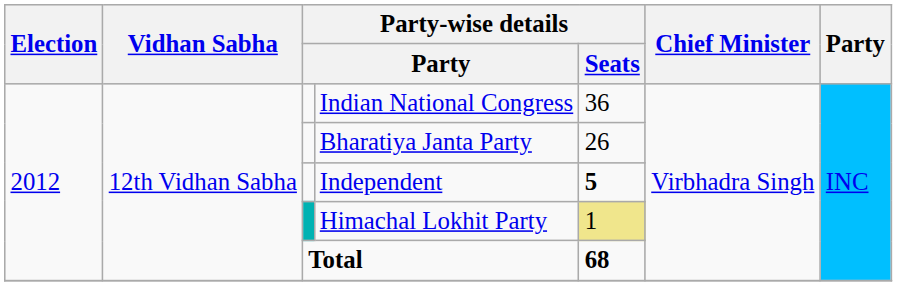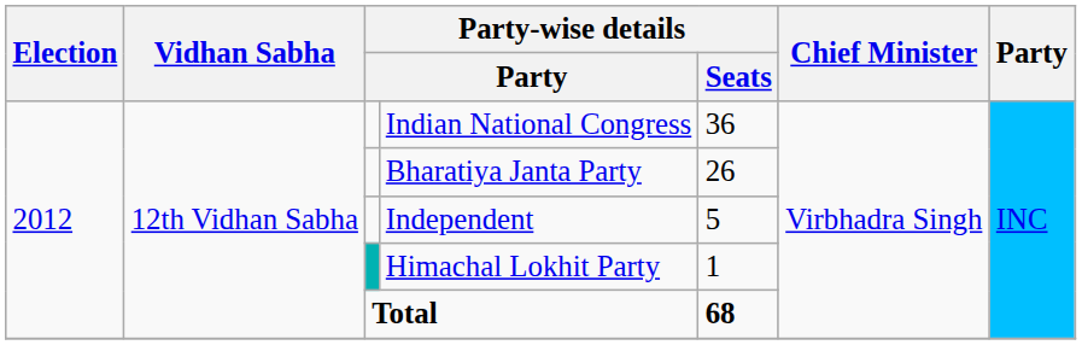 <table class="wikitable sortable">
 <tr>
 <th rowspan="2"><a href='#'>Election</a></th>
 <th rowspan="2"><a href='#'>Vidhan Sabha</a></th>
 <th colspan="3">Party-wise details</th>
 <th rowspan="2"><a href='#'>Chief Minister</a></th>
 <th rowspan="2">Party</th>
 </tr>
 <tr>
 <th colspan="2">Party</th>
 <th><a href='#'>Seats</a></th>
 </tr>
 <tr>
 <td rowspan="5"><a href='#'>2012</a></td>
 <td rowspan="5"><a href='#'>12th Vidhan Sabha</a></td>
 <td style="background-color: "></td>
 <td><a href='#'>Indian National Congress</a></td>
 <td>36</td>
 <td rowspan="5"><a href='#'>Virbhadra Singh</a><br></td>
 <td rowspan="5"; bgcolor=#00BFFF><a href='#'>INC</a></td>
 </tr>
 <tr>
 <td style="background-color: "></td>
 <td><a href='#'>Bharatiya Janta Party</a></td>
 <td>26</td>
 </tr>
 <tr>
 <td style="background-color: "></td>
 <td><a href='#'>Independent</a></td>
-<td><strong>5</strong></td>
+<td>5</td>
 </tr>
 <tr>
 <td bgcolor=#00B2B2></td>
 <td><a href='#'>Himachal Lokhit Party</a></td>
-<td style="background: khaki;">1</td>
+<td>1</td>
 </tr>
 <tr>
 <td colspan="2"><strong>Total</strong></td>
 <td><strong>68</strong></td>
 </tr>
 <tr>
 </tr>
 </table>
